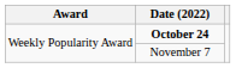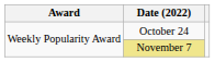 <table class="sortable wikitable" style="text-align:center;">
 <tr>
 <th>Award</th>
 <th width="110">Date (2022)</th>
 <th class="unsortable"></th>
 </tr>
 <tr>
 <td rowspan="2">Weekly Popularity Award</td>
-<td align="center"><strong>October 24</strong></td>
+<td align="center">October 24</td>
 <td rowspan="2"></td>
 </tr>
 <tr>
-<td align="center">November 7</td>
+<td align="center" style="background: khaki;">November 7</td>
 </tr>
 </table>
